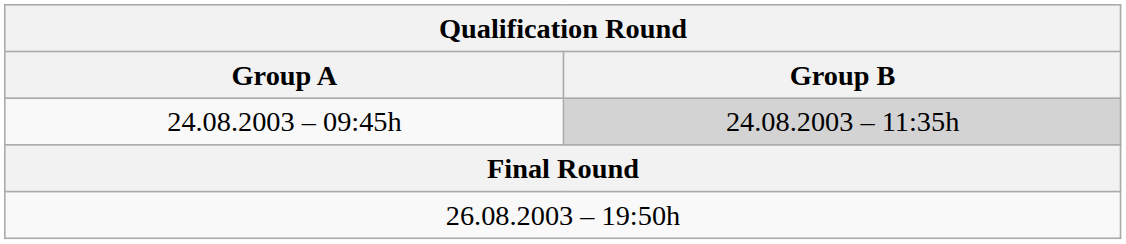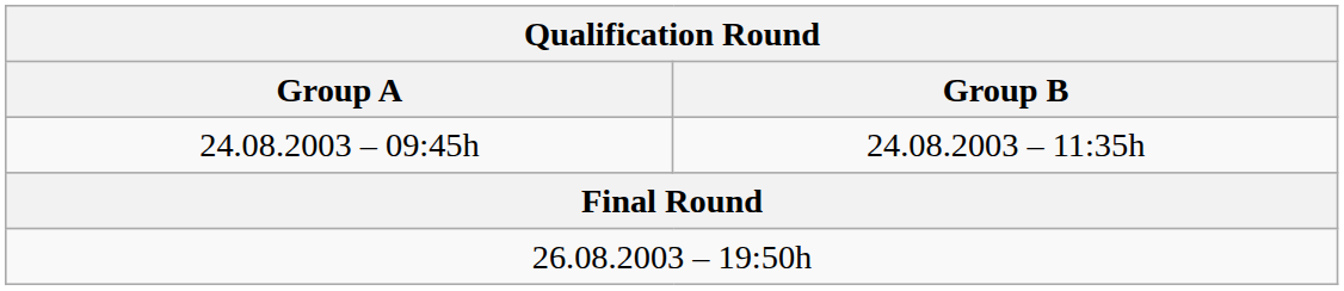 <table class="wikitable" style=" text-align:center; font-size:110%;" width="35%">
 <tr>
 <th colspan="2">Qualification Round</th>
 </tr>
 <tr>
 <th>Group A</th>
 <th>Group B</th>
 </tr>
 <tr>
 <td>24.08.2003 – 09:45h</td>
-<td style="background: lightgrey;">24.08.2003 – 11:35h</td>
+<td>24.08.2003 – 11:35h</td>
 </tr>
 <tr>
 <th colspan="2">Final Round</th>
 </tr>
 <tr>
 <td colspan="2">26.08.2003 – 19:50h</td>
 </tr>
 </table>
